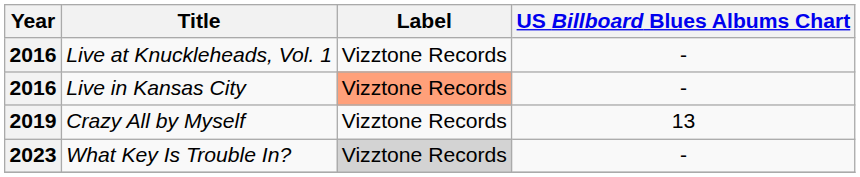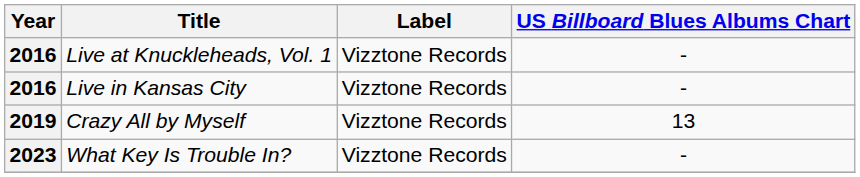 <table class="sortable wikitable">
 <tr>
 <th>Year</th>
 <th>Title</th>
 <th>Label</th>
 <th><a href='#'>US <em>Billboard</em> Blues Albums Chart</a></th>
 </tr>
 <tr>
 <th>2016</th>
 <td><em>Live at Knuckleheads, Vol. 1</em></td>
 <td>Vizztone Records</td>
 <td align=center>-</td>
 </tr>
 <tr>
 <th>2016</th>
 <td><em>Live in Kansas City</em></td>
-<td style="background: lightsalmon;">Vizztone Records</td>
+<td>Vizztone Records</td>
 <td align=center>-</td>
 </tr>
 <tr>
 <th>2019</th>
 <td><em>Crazy All by Myself</em></td>
 <td>Vizztone Records</td>
 <td align=center>13</td>
 </tr>
 <tr>
 <th>2023</th>
 <td><em>What Key Is Trouble In?</em></td>
-<td style="background: lightgrey;">Vizztone Records</td>
+<td>Vizztone Records</td>
 <td align=center>-</td>
 </tr>
 <tr>
 </tr>
 </table>
